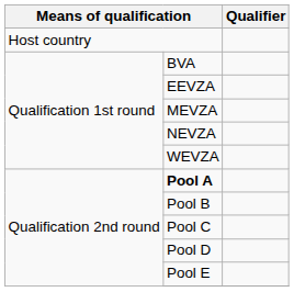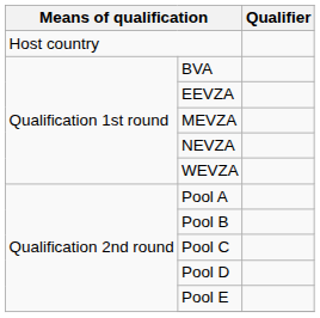 <table class="wikitable">
 <tr>
 <th colspan=2>Means of qualification</th>
 <th>Qualifier</th>
 </tr>
 <tr>
 <td colspan=2 rowspan=1>Host country</td>
 <td></td>
 </tr>
 <tr>
 <td rowspan=5>Qualification 1st round</td>
 <td>BVA</td>
 <td></td>
 </tr>
 <tr>
 <td>EEVZA</td>
 <td></td>
 </tr>
 <tr>
 <td>MEVZA</td>
 <td></td>
 </tr>
 <tr>
 <td>NEVZA</td>
 <td></td>
 </tr>
 <tr>
 <td>WEVZA</td>
 <td></td>
 </tr>
 <tr>
 <td rowspan=10>Qualification 2nd round</td>
-<td><strong>Pool A</strong></td>
+<td>Pool A</td>
 <td><br></td>
 </tr>
 <tr>
 <td>Pool B</td>
 <td><br></td>
 </tr>
 <tr>
 <td>Pool C</td>
 <td><br></td>
 </tr>
 <tr>
 <td>Pool D</td>
 <td><br></td>
 </tr>
 <tr>
 <td>Pool E</td>
 <td><br></td>
 </tr>
 <tr>
 </tr>
 </table>
